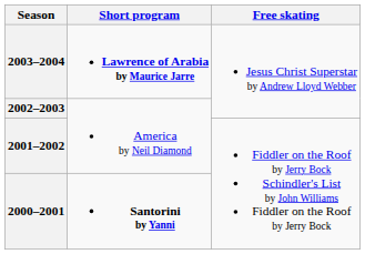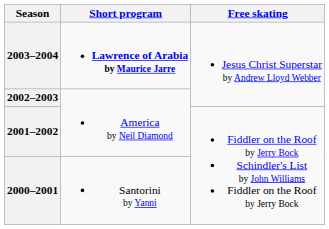 <table class=wikitable style=text-align:center>
 <tr>
 <th>Season</th>
 <th><a href='#'>Short program</a></th>
 <th><a href='#'>Free skating</a></th>
 </tr>
 <tr>
 <th>2003–2004 <br> </th>
 <td><strong><br><ul><li><a href='#'>Lawrence of Arabia</a> <br><small> by <a href='#'>Maurice Jarre</a> </small></li></ul></strong></td>
 <td rowspan=2><br><ul><li><a href='#'>Jesus Christ Superstar</a> <br><small> by <a href='#'>Andrew Lloyd Webber</a> </small></li></ul></td>
 </tr>
 <tr>
 <th>2002–2003 <br> </th>
 <td rowspan=2><br><ul><li><a href='#'>America</a> <br><small> by <a href='#'>Neil Diamond</a> </small></li></ul></td>
 </tr>
 <tr>
 <th>2001–2002 <br> </th>
 <td rowspan=2><br><ul><li><a href='#'>Fiddler on the Roof</a> <br><small> by <a href='#'>Jerry Bock</a> </small></li><li><a href='#'>Schindler's List</a> <br><small> by <a href='#'>John Williams</a> </small></li><li>Fiddler on the Roof <br><small> by Jerry Bock </small></li></ul></td>
 </tr>
 <tr>
 <th>2000–2001 <br> </th>
-<td><strong><br><ul><li>Santorini <br><small> by <a href='#'>Yanni</a> </small></li></ul></strong></td>
+<td><br><ul><li>Santorini <br><small> by <a href='#'>Yanni</a> </small></li></ul></td>
 </tr>
 </table>
